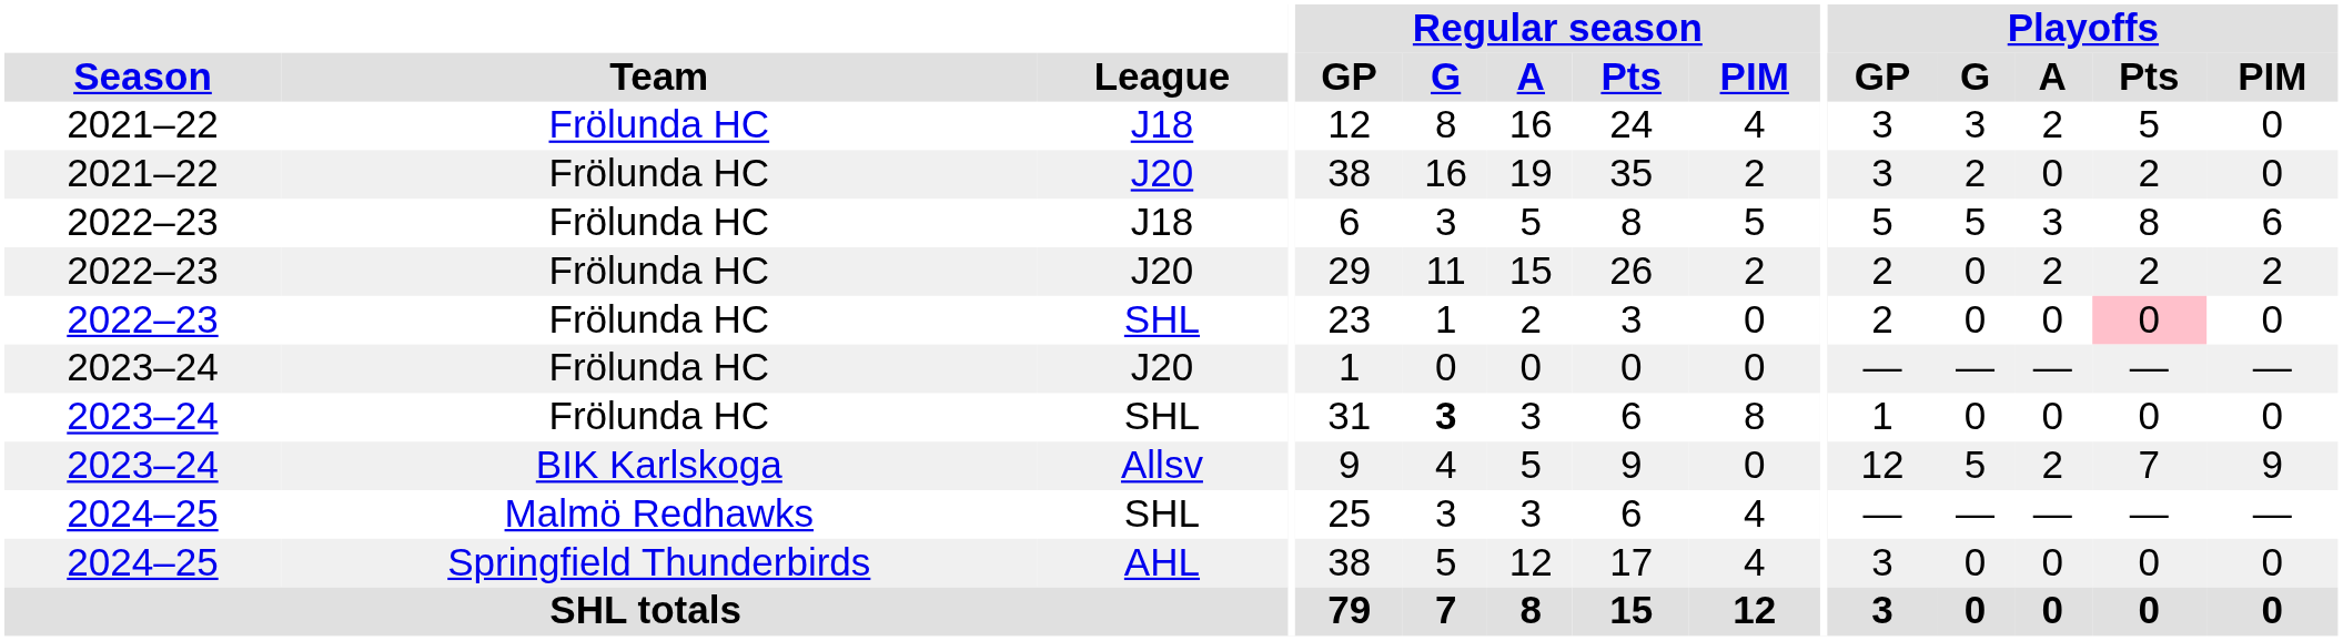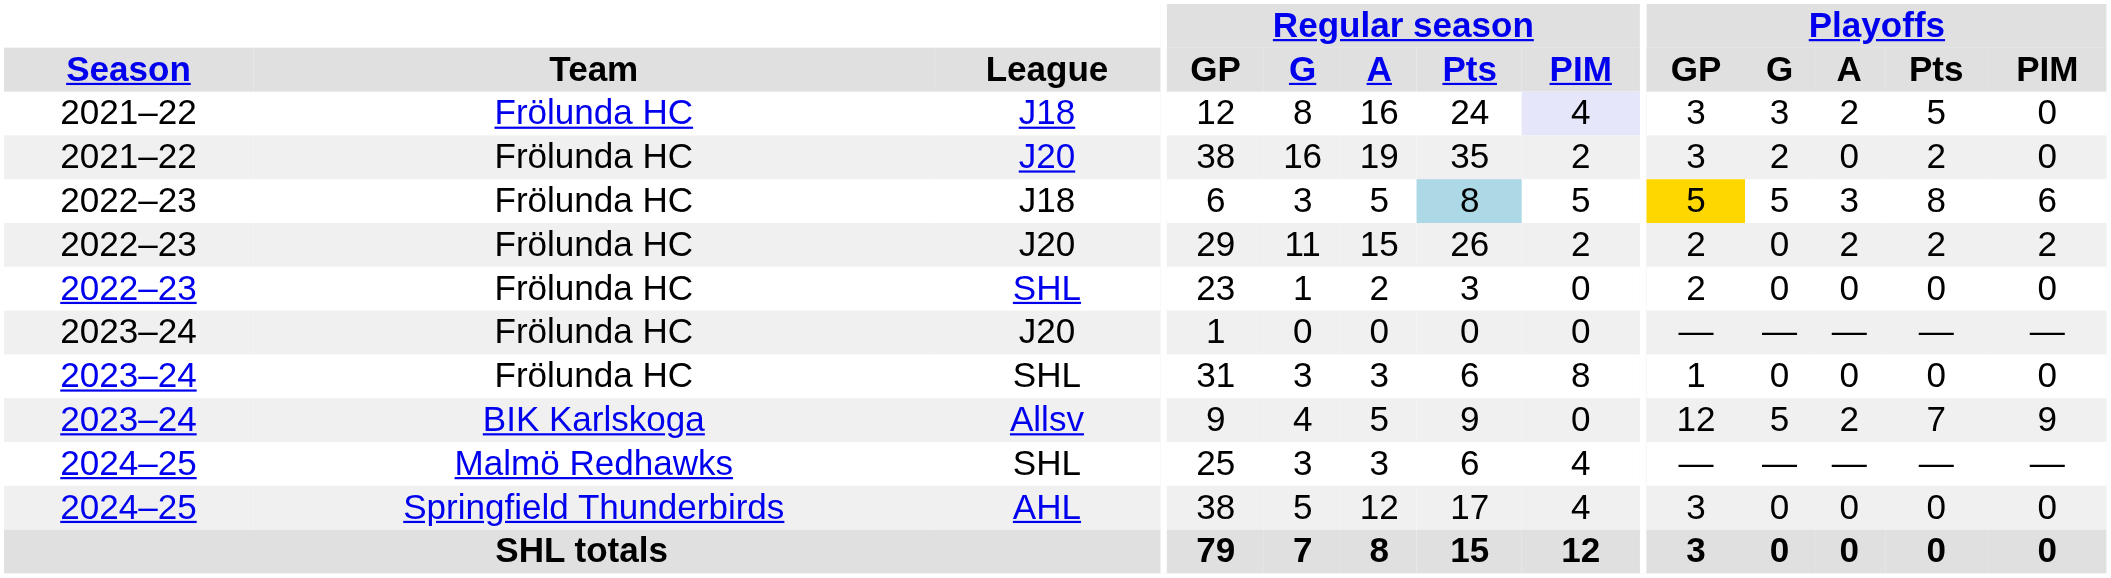 <table border="0" cellpadding="1" cellspacing="0" style="text-align:center; width:60em">
 <tr bgcolor="#e0e0e0">
 <th colspan="3" bgcolor="#ffffff"></th>
 <th rowspan="99" bgcolor="#ffffff"></th>
 <th colspan="5"><a href='#'>Regular season</a></th>
 <th rowspan="99" bgcolor="#ffffff"></th>
 <th colspan="5"><a href='#'>Playoffs</a></th>
 </tr>
 <tr bgcolor="#e0e0e0">
 <th><a href='#'>Season</a></th>
 <th>Team</th>
 <th>League</th>
 <th>GP</th>
 <th><a href='#'>G</a></th>
 <th><a href='#'>A</a></th>
 <th><a href='#'>Pts</a></th>
 <th><a href='#'>PIM</a></th>
 <th>GP</th>
 <th>G</th>
 <th>A</th>
 <th>Pts</th>
 <th>PIM</th>
 </tr>
 <tr>
 <td>2021–22</td>
 <td><a href='#'>Frölunda HC</a></td>
 <td><a href='#'>J18</a></td>
 <td>12</td>
 <td>8</td>
 <td>16</td>
 <td>24</td>
-<td>4</td>
+<td style="background: lavender;">4</td>
 <td>3</td>
 <td>3</td>
 <td>2</td>
 <td>5</td>
 <td>0</td>
 </tr>
 <tr bgcolor="#f0f0f0">
 <td>2021–22</td>
 <td>Frölunda HC</td>
 <td><a href='#'>J20</a></td>
 <td>38</td>
 <td>16</td>
 <td>19</td>
 <td>35</td>
 <td>2</td>
 <td>3</td>
 <td>2</td>
 <td>0</td>
 <td>2</td>
 <td>0</td>
 </tr>
 <tr>
 <td>2022–23</td>
 <td>Frölunda HC</td>
 <td>J18</td>
 <td>6</td>
 <td>3</td>
 <td>5</td>
-<td>8</td>
+<td style="background: lightblue;">8</td>
 <td>5</td>
-<td>5</td>
+<td style="background: gold;">5</td>
 <td>5</td>
 <td>3</td>
 <td>8</td>
 <td>6</td>
 </tr>
 <tr bgcolor="#f0f0f0">
 <td>2022–23</td>
 <td>Frölunda HC</td>
 <td>J20</td>
 <td>29</td>
 <td>11</td>
 <td>15</td>
 <td>26</td>
 <td>2</td>
 <td>2</td>
 <td>0</td>
 <td>2</td>
 <td>2</td>
 <td>2</td>
 </tr>
 <tr>
 <td><a href='#'>2022–23</a></td>
 <td>Frölunda HC</td>
 <td><a href='#'>SHL</a></td>
 <td>23</td>
 <td>1</td>
 <td>2</td>
 <td>3</td>
 <td>0</td>
 <td>2</td>
 <td>0</td>
 <td>0</td>
-<td style="background: pink;">0</td>
+<td>0</td>
 <td>0</td>
 </tr>
 <tr bgcolor="#f0f0f0">
 <td>2023–24</td>
 <td>Frölunda HC</td>
 <td>J20</td>
 <td>1</td>
 <td>0</td>
 <td>0</td>
 <td>0</td>
 <td>0</td>
 <td>—</td>
 <td>—</td>
 <td>—</td>
 <td>—</td>
 <td>—</td>
 </tr>
 <tr>
 <td><a href='#'>2023–24</a></td>
 <td>Frölunda HC</td>
 <td>SHL</td>
 <td>31</td>
-<td><strong>3</strong></td>
+<td>3</td>
 <td>3</td>
 <td>6</td>
 <td>8</td>
 <td>1</td>
 <td>0</td>
 <td>0</td>
 <td>0</td>
 <td>0</td>
 </tr>
 <tr bgcolor="#f0f0f0">
 <td><a href='#'>2023–24</a></td>
 <td><a href='#'>BIK Karlskoga</a></td>
 <td><a href='#'>Allsv</a></td>
 <td>9</td>
 <td>4</td>
 <td>5</td>
 <td>9</td>
 <td>0</td>
 <td>12</td>
 <td>5</td>
 <td>2</td>
 <td>7</td>
 <td>9</td>
 </tr>
 <tr>
 <td><a href='#'>2024–25</a></td>
 <td><a href='#'>Malmö Redhawks</a></td>
 <td>SHL</td>
 <td>25</td>
 <td>3</td>
 <td>3</td>
 <td>6</td>
 <td>4</td>
 <td>—</td>
 <td>—</td>
 <td>—</td>
 <td>—</td>
 <td>—</td>
 </tr>
 <tr bgcolor="#f0f0f0">
 <td><a href='#'>2024–25</a></td>
 <td><a href='#'>Springfield Thunderbirds</a></td>
 <td><a href='#'>AHL</a></td>
 <td>38</td>
 <td>5</td>
 <td>12</td>
 <td>17</td>
 <td>4</td>
 <td>3</td>
 <td>0</td>
 <td>0</td>
 <td>0</td>
 <td>0</td>
 </tr>
 <tr style="background:#e0e0e0;">
 <th colspan="3">SHL totals</th>
 <th>79</th>
 <th>7</th>
 <th>8</th>
 <th>15</th>
 <th>12</th>
 <th>3</th>
 <th>0</th>
 <th>0</th>
 <th>0</th>
 <th>0</th>
 </tr>
 </table>
